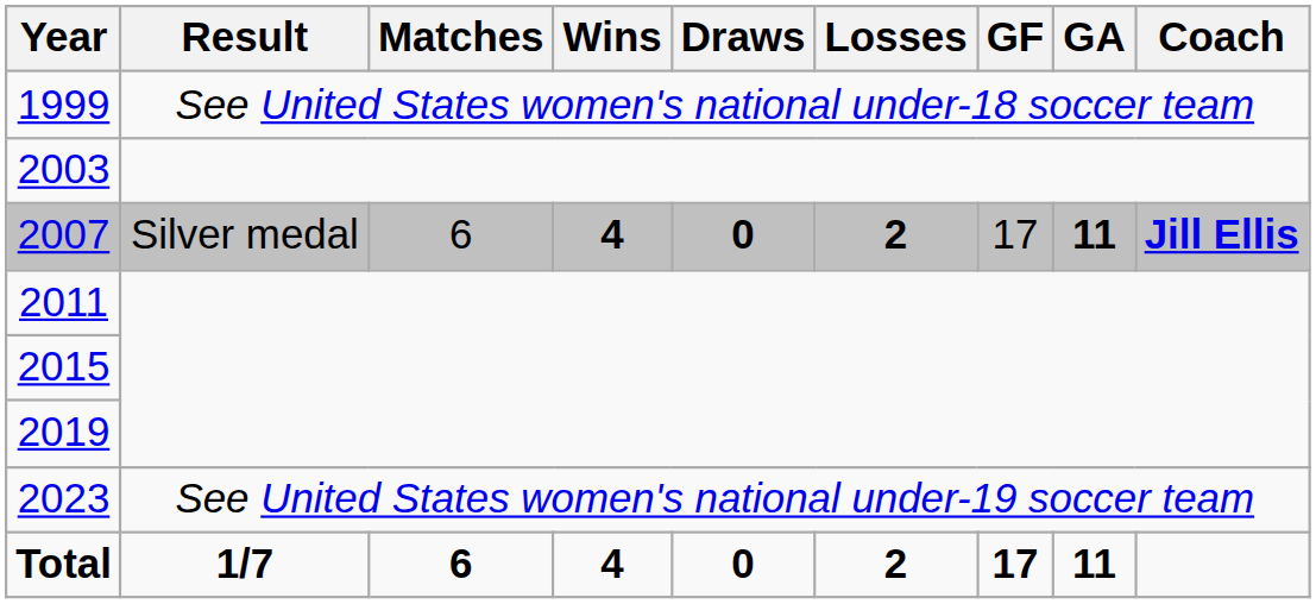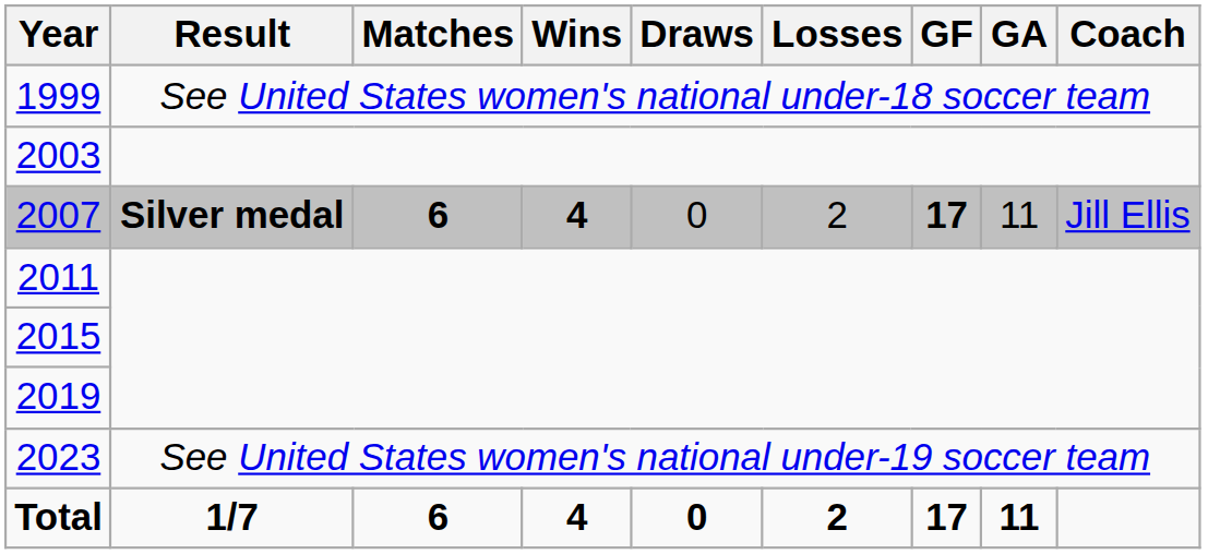 <table class="wikitable" style="text-align: center;">
 <tr>
 <th>Year</th>
 <th>Result</th>
 <th>Matches</th>
 <th>Wins</th>
 <th>Draws</th>
 <th>Losses</th>
 <th>GF</th>
 <th>GA</th>
 <th>Coach</th>
 </tr>
 <tr>
 <td> <a href='#'>1999</a></td>
 <td colspan=8><em>See <a href='#'>United States women's national under-18 soccer team</a></em></td>
 </tr>
 <tr>
 <td> <a href='#'>2003</a></td>
 <td colspan=8></td>
 </tr>
 <tr style="background:silver;">
 <td> <a href='#'>2007</a></td>
-<td>Silver medal</td>
-<td>6</td>
+<td><strong>Silver medal</strong></td>
+<td><strong>6</strong></td>
 <td><strong>4</strong></td>
-<td><strong>0</strong></td>
-<td><strong>2</strong></td>
-<td>17</td>
-<td><strong>11</strong></td>
-<td align=left><strong><a href='#'>Jill Ellis</a></strong></td>
+<td>0</td>
+<td>2</td>
+<td><strong>17</strong></td>
+<td>11</td>
+<td align=left><a href='#'>Jill Ellis</a></td>
 </tr>
 <tr>
 <td> <a href='#'>2011</a></td>
 <td rowspan=3 colspan=8></td>
 </tr>
 <tr>
 <td> <a href='#'>2015</a></td>
 </tr>
 <tr>
 <td> <a href='#'>2019</a></td>
 </tr>
 <tr>
 <td> <a href='#'>2023</a></td>
 <td colspan=8><em>See <a href='#'>United States women's national under-19 soccer team</a></em></td>
 </tr>
 <tr>
 <td><strong>Total</strong></td>
 <td><strong>1/7</strong></td>
 <td><strong>6</strong></td>
 <td><strong>4</strong></td>
 <td><strong>0</strong></td>
 <td><strong>2</strong></td>
 <td><strong>17</strong></td>
 <td><strong>11</strong></td>
 <td></td>
 </tr>
 </table>
